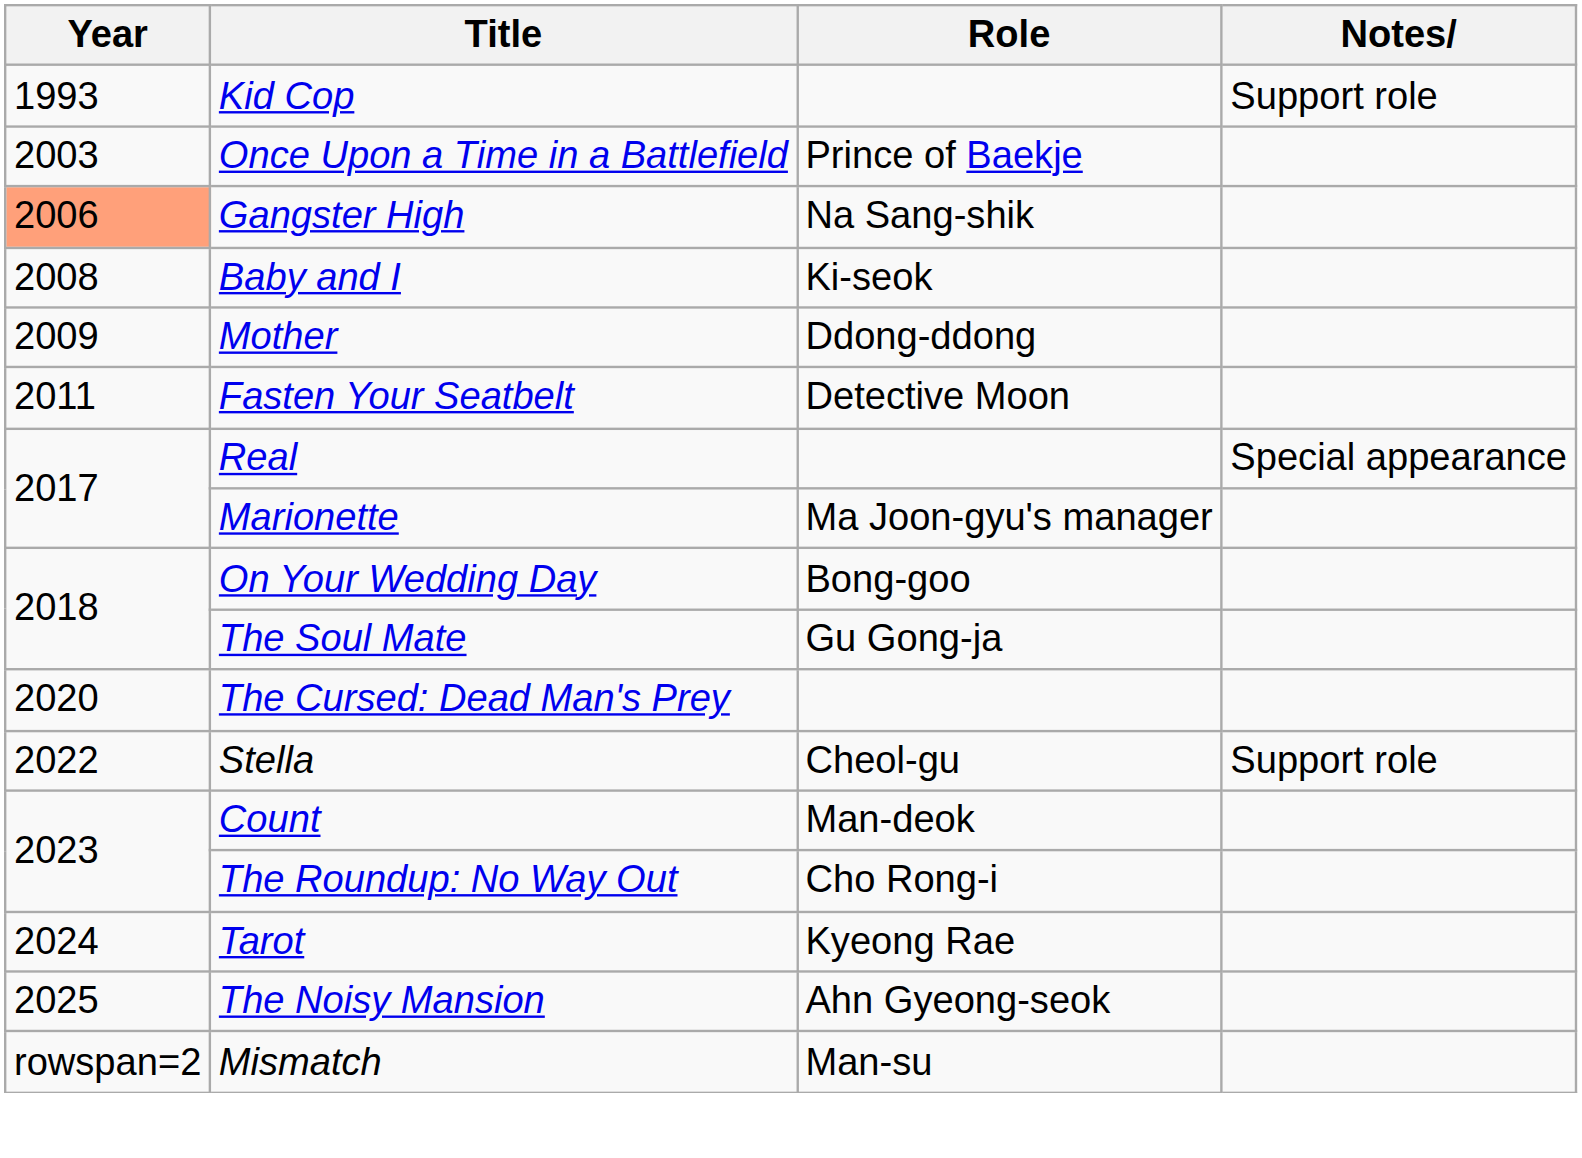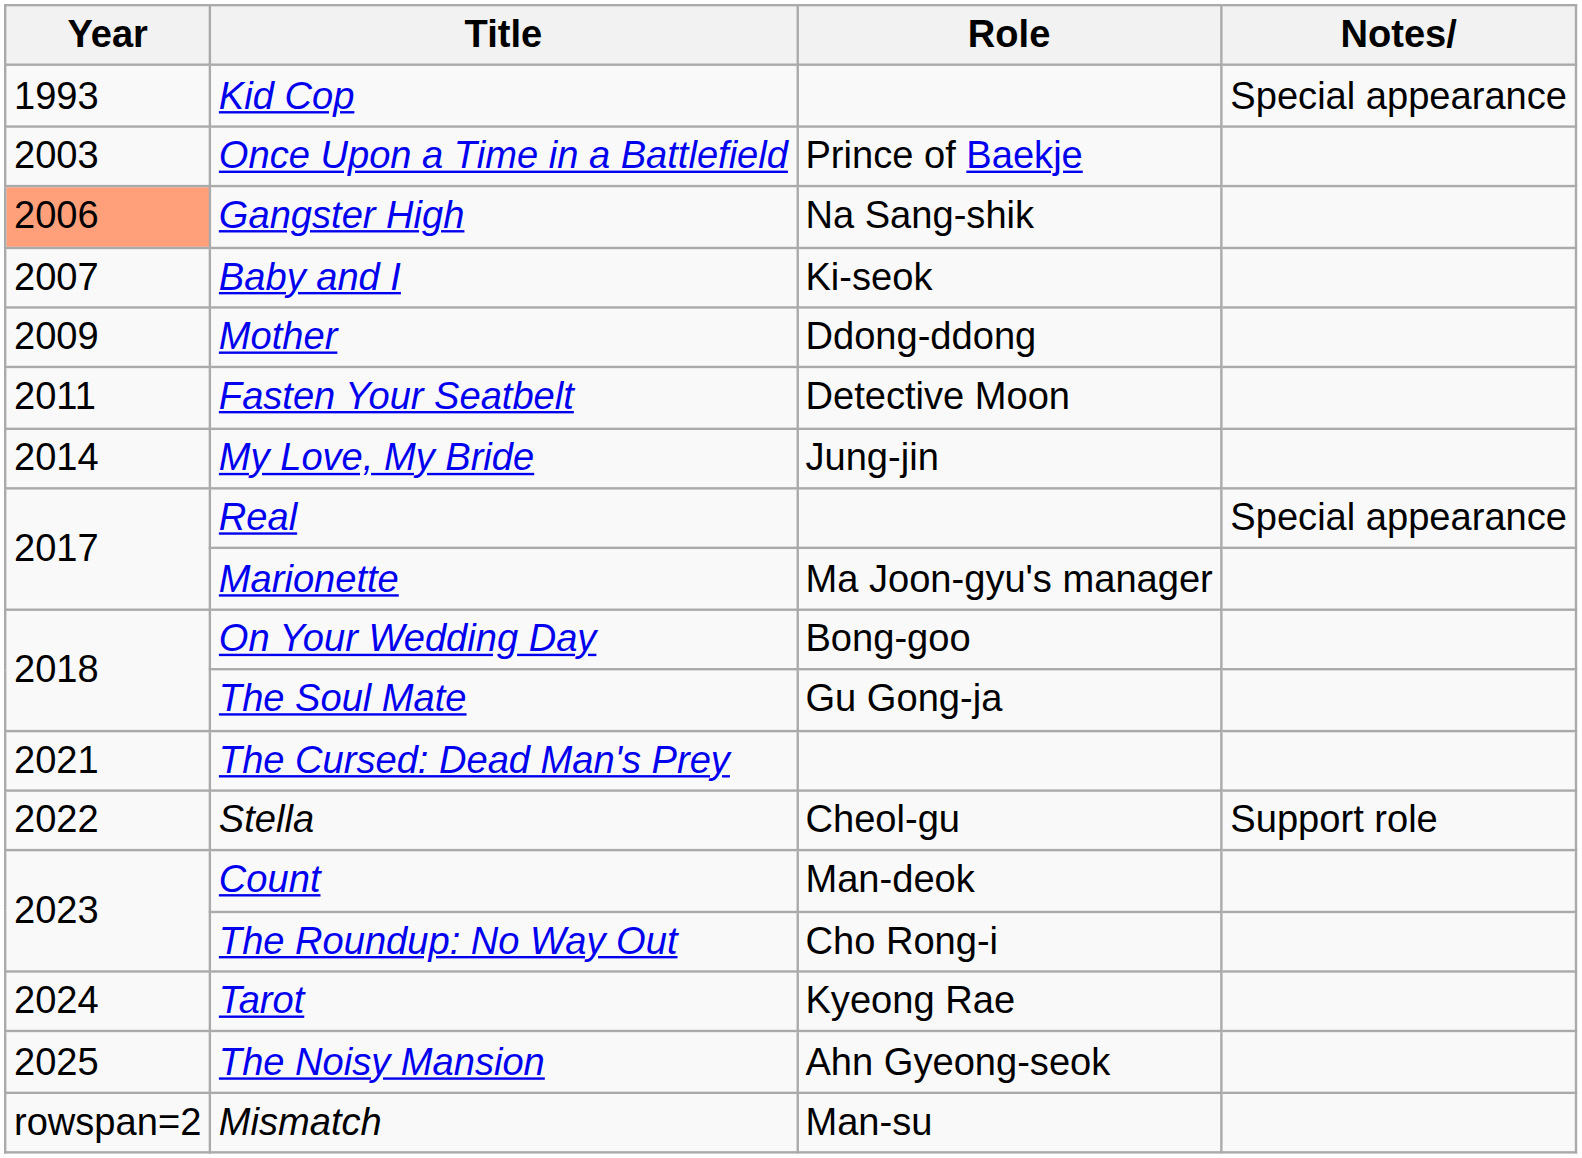 <table class="wikitable sortable">
 <tr>
 <th>Year</th>
 <th>Title</th>
 <th>Role</th>
 <th>Notes/</th>
 </tr>
 <tr>
 <td>1993</td>
 <td><em><a href='#'>Kid Cop</a></em></td>
 <td></td>
-<td>Support role</td>
+<td>Special appearance</td>
 </tr>
 <tr>
 <td>2003</td>
 <td><em><a href='#'>Once Upon a Time in a Battlefield</a></em></td>
 <td>Prince of <a href='#'>Baekje</a></td>
 <td></td>
 </tr>
 <tr>
 <td style="background: lightsalmon;">2006</td>
 <td><em><a href='#'>Gangster High</a></em></td>
 <td>Na Sang-shik</td>
 <td></td>
 </tr>
 <tr>
-<td>2008</td>
+<td>2007</td>
 <td><em><a href='#'>Baby and I</a></em></td>
 <td>Ki-seok</td>
 <td></td>
 </tr>
 <tr>
 <td>2009</td>
 <td><em><a href='#'>Mother</a></em></td>
 <td>Ddong-ddong</td>
 <td></td>
 </tr>
 <tr>
 <td>2011</td>
 <td><em><a href='#'>Fasten Your Seatbelt</a></em></td>
 <td>Detective Moon</td>
+<td></td>
+</tr>
+<tr>
+<td>2014</td>
+<td><em><a href='#'>My Love, My Bride</a></em></td>
+<td>Jung-jin</td>
 <td></td>
 </tr>
 <tr>
 <td rowspan="2">2017</td>
 <td><em><a href='#'>Real</a></em></td>
 <td></td>
 <td>Special appearance</td>
 </tr>
 <tr>
 <td><em><a href='#'>Marionette</a></em></td>
 <td>Ma Joon-gyu's manager</td>
 <td></td>
 </tr>
 <tr>
 <td rowspan="2">2018</td>
 <td><em><a href='#'>On Your Wedding Day</a></em></td>
 <td>Bong-goo</td>
 <td></td>
 </tr>
 <tr>
 <td><em><a href='#'>The Soul Mate</a></em></td>
 <td>Gu Gong-ja</td>
 <td></td>
 </tr>
 <tr>
-<td>2020</td>
+<td>2021</td>
 <td><em><a href='#'>The Cursed: Dead Man's Prey</a></em></td>
 <td></td>
 <td></td>
 </tr>
 <tr>
 <td>2022</td>
 <td><em>Stella</em></td>
 <td>Cheol-gu</td>
 <td>Support role</td>
 </tr>
 <tr>
 <td rowspan="2">2023</td>
 <td><em><a href='#'>Count</a></em></td>
 <td>Man-deok</td>
 <td></td>
 </tr>
 <tr>
 <td><em><a href='#'>The Roundup: No Way Out</a></em></td>
 <td>Cho Rong-i</td>
 <td></td>
 </tr>
 <tr>
 <td>2024</td>
 <td><em><a href='#'>Tarot</a></em></td>
 <td>Kyeong Rae</td>
 <td></td>
 </tr>
 <tr>
 <td>2025</td>
 <td><a href='#'><em>The Noisy Mansion</em></a></td>
 <td>Ahn Gyeong-seok</td>
 <td></td>
 </tr>
 <tr>
 <td>rowspan=2 </td>
 <td><em>Mismatch</em></td>
 <td>Man-su</td>
 <td></td>
 </tr>
 </table>
